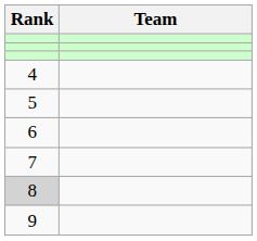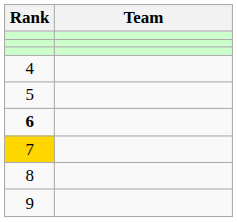 <table class=wikitable style="text-align:center;">
 <tr>
 <th width=40>Rank</th>
 <th width=160>Team</th>
 </tr>
 <tr bgcolor="#ccffcc">
 <td></td>
 <td align=left></td>
 </tr>
 <tr bgcolor="#ccffcc">
 <td></td>
 <td align=left></td>
 </tr>
 <tr bgcolor="#ccffcc">
 <td></td>
 <td align=left></td>
 </tr>
 <tr>
 <td>4</td>
 <td align=left></td>
 </tr>
 <tr>
 <td>5</td>
 <td align=left></td>
 </tr>
 <tr>
-<td>6</td>
+<td><strong>6</strong></td>
 <td align=left></td>
 </tr>
 <tr>
-<td>7</td>
+<td style="background: gold;">7</td>
 <td align=left></td>
 </tr>
 <tr>
-<td style="background: lightgrey;">8</td>
+<td>8</td>
 <td align=left></td>
 </tr>
 <tr>
 <td>9</td>
 <td align=left></td>
 </tr>
 </table>
